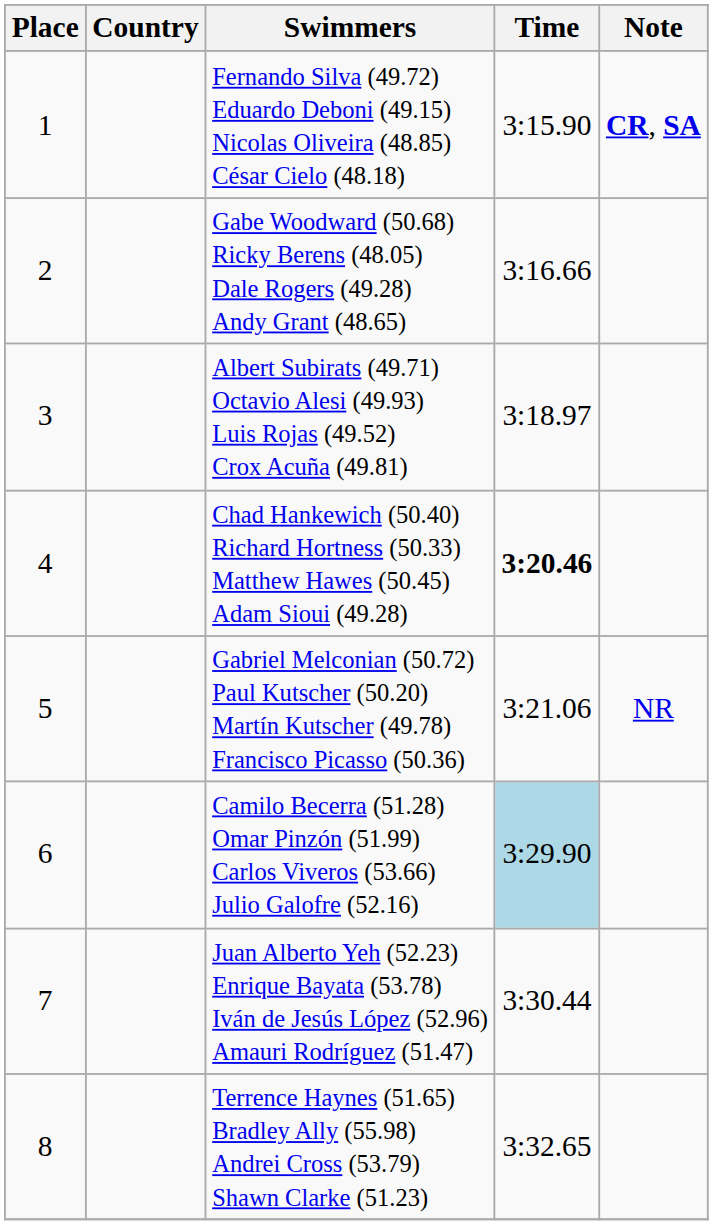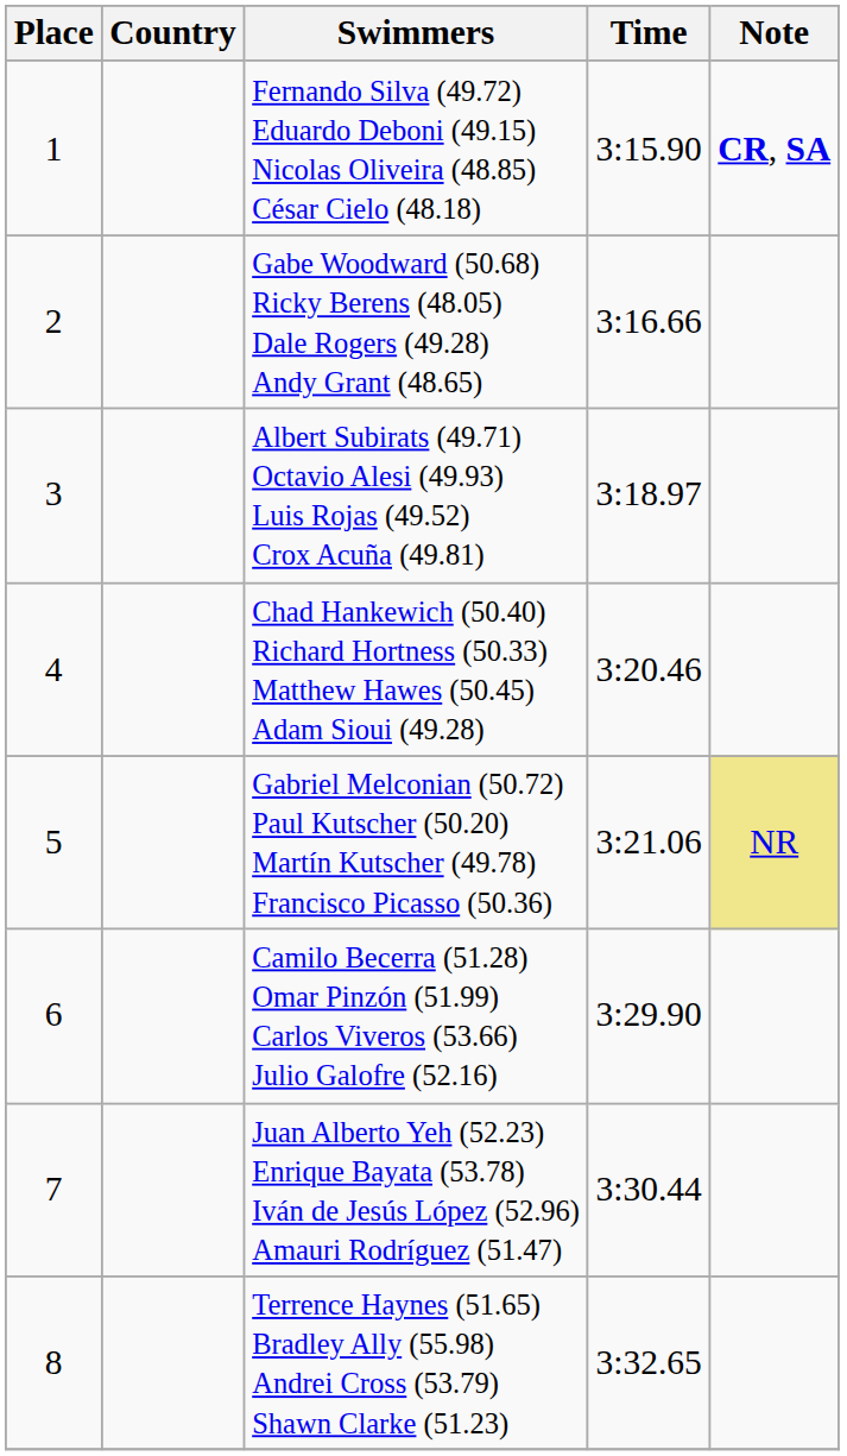 <table class="wikitable" style="text-align:center">
 <tr>
 <th>Place</th>
 <th>Country</th>
 <th>Swimmers</th>
 <th>Time</th>
 <th>Note</th>
 </tr>
 <tr>
 <td>1</td>
 <td align=left></td>
 <td align=left><small> <a href='#'>Fernando Silva</a> (49.72) <br> <a href='#'>Eduardo Deboni</a> (49.15) <br> <a href='#'>Nicolas Oliveira</a> (48.85) <br> <a href='#'>César Cielo</a> (48.18)</small></td>
 <td>3:15.90</td>
 <td><strong><a href='#'>CR</a></strong>, <strong><a href='#'>SA</a></strong></td>
 </tr>
 <tr>
 <td>2</td>
 <td align=left></td>
 <td align=left><small> <a href='#'>Gabe Woodward</a> (50.68)<br> <a href='#'>Ricky Berens</a> (48.05) <br> <a href='#'>Dale Rogers</a> (49.28) <br> <a href='#'>Andy Grant</a> (48.65) </small></td>
 <td>3:16.66</td>
 <td></td>
 </tr>
 <tr>
 <td>3</td>
 <td align=left></td>
 <td align=left><small> <a href='#'>Albert Subirats</a> (49.71) <br> <a href='#'>Octavio Alesi</a> (49.93) <br> <a href='#'>Luis Rojas</a> (49.52) <br> <a href='#'>Crox Acuña</a> (49.81)</small></td>
 <td>3:18.97</td>
 <td></td>
 </tr>
 <tr>
 <td>4</td>
 <td align=left></td>
 <td align=left><small> <a href='#'>Chad Hankewich</a> (50.40) <br> <a href='#'>Richard Hortness</a> (50.33) <br> <a href='#'>Matthew Hawes</a> (50.45) <br> <a href='#'>Adam Sioui</a> (49.28)</small></td>
-<td><strong>3:20.46</strong></td>
+<td>3:20.46</td>
 <td></td>
 </tr>
 <tr>
 <td>5</td>
 <td align=left></td>
 <td align=left><small> <a href='#'>Gabriel Melconian</a> (50.72) <br> <a href='#'>Paul Kutscher</a> (50.20) <br> <a href='#'>Martín Kutscher</a> (49.78) <br> <a href='#'>Francisco Picasso</a> (50.36)</small></td>
 <td>3:21.06</td>
-<td><a href='#'>NR</a></td>
+<td style="background: khaki;"><a href='#'>NR</a></td>
 </tr>
 <tr>
 <td>6</td>
 <td align=left></td>
 <td align=left><small> <a href='#'>Camilo Becerra</a> (51.28) <br> <a href='#'>Omar Pinzón</a> (51.99) <br> <a href='#'>Carlos Viveros</a> (53.66) <br> <a href='#'>Julio Galofre</a> (52.16)</small></td>
-<td style="background: lightblue;">3:29.90</td>
+<td>3:29.90</td>
 <td></td>
 </tr>
 <tr>
 <td>7</td>
 <td align=left></td>
 <td align=left><small> <a href='#'>Juan Alberto Yeh</a> (52.23) <br> <a href='#'>Enrique Bayata</a> (53.78) <br> <a href='#'>Iván de Jesús López</a> (52.96) <br> <a href='#'>Amauri Rodríguez</a> (51.47)</small></td>
 <td>3:30.44</td>
 <td></td>
 </tr>
 <tr>
 <td>8</td>
 <td align=left></td>
 <td align=left><small> <a href='#'>Terrence Haynes</a> (51.65) <br> <a href='#'>Bradley Ally</a> (55.98) <br> <a href='#'>Andrei Cross</a> (53.79) <br> <a href='#'>Shawn Clarke</a> (51.23)</small></td>
 <td>3:32.65</td>
 <td></td>
 </tr>
 <tr>
 </tr>
 </table>
